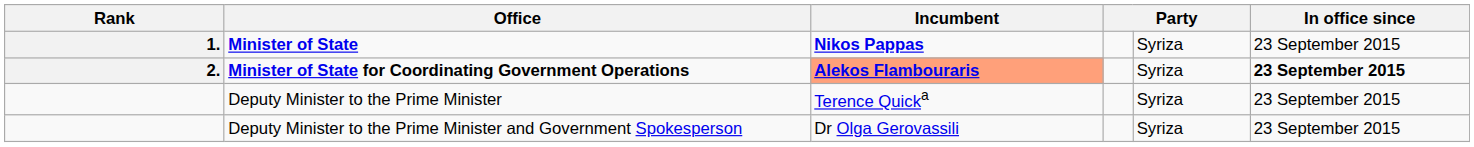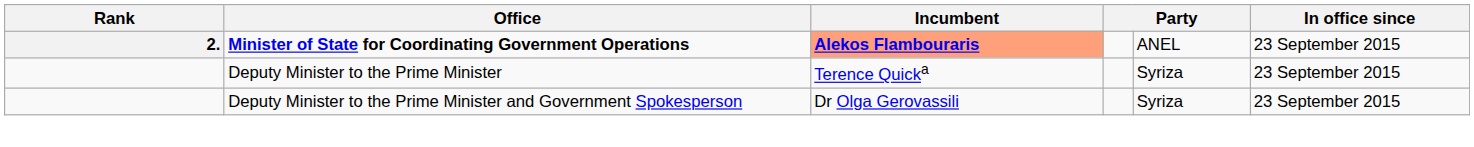 <table class="wikitable" style="width: 100%; font-size: 90%;">
 <tr>
 <th width="15%">Rank</th>
 <th width="40%">Office</th>
 <th width="20%">Incumbent</th>
 <th width="10%" colspan="2">Party</th>
 <th width="15%">In office since</th>
 </tr>
 <tr>
-<th style="text-align: right">1.</th>
-<td><strong><a href='#'>Minister of State</a></strong></td>
-<td><strong><a href='#'>Nikos Pappas</a></strong></td>
-<td width="5" style="background-color: "></td>
-<td>Syriza</td>
-<td>23 September 2015</td>
-</tr>
-<tr>
 <th style="text-align: right">2.</th>
 <td><strong><a href='#'>Minister of State</a> for Coordinating Government Operations</strong></td>
 <td style="background: lightsalmon;"><strong><a href='#'>Alekos Flambouraris</a></strong></td>
 <td width="5" style="background-color: "></td>
-<td>Syriza</td>
-<td><strong>23 September 2015</strong></td>
+<td>ANEL</td>
+<td>23 September 2015</td>
 </tr>
 <tr>
 <td style="text-align: right"></td>
 <td>Deputy Minister to the Prime Minister</td>
 <td><a href='#'>Terence Quick</a><sup>a</sup></td>
 <td width="5" style="background-color: "></td>
 <td>Syriza</td>
 <td>23 September 2015</td>
 </tr>
 <tr>
 <td style="text-align: right"></td>
 <td>Deputy Minister to the Prime Minister and Government <a href='#'>Spokesperson</a></td>
 <td>Dr <a href='#'>Olga Gerovassili</a></td>
 <td width="5" style="background-color: "></td>
 <td>Syriza</td>
 <td>23 September 2015</td>
 </tr>
 </table>
